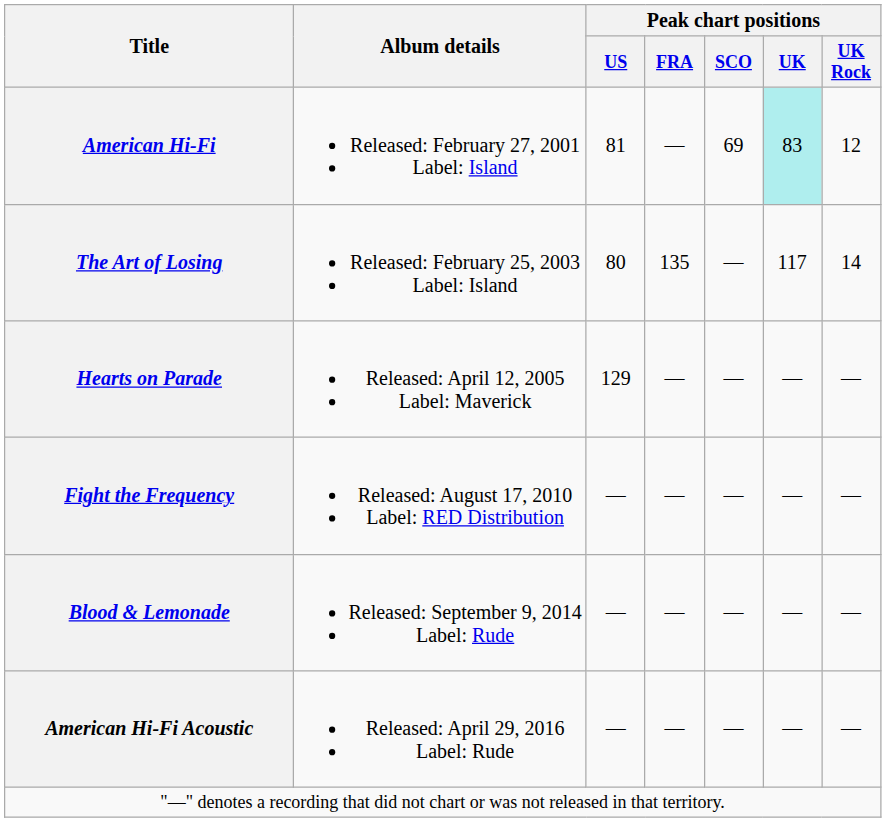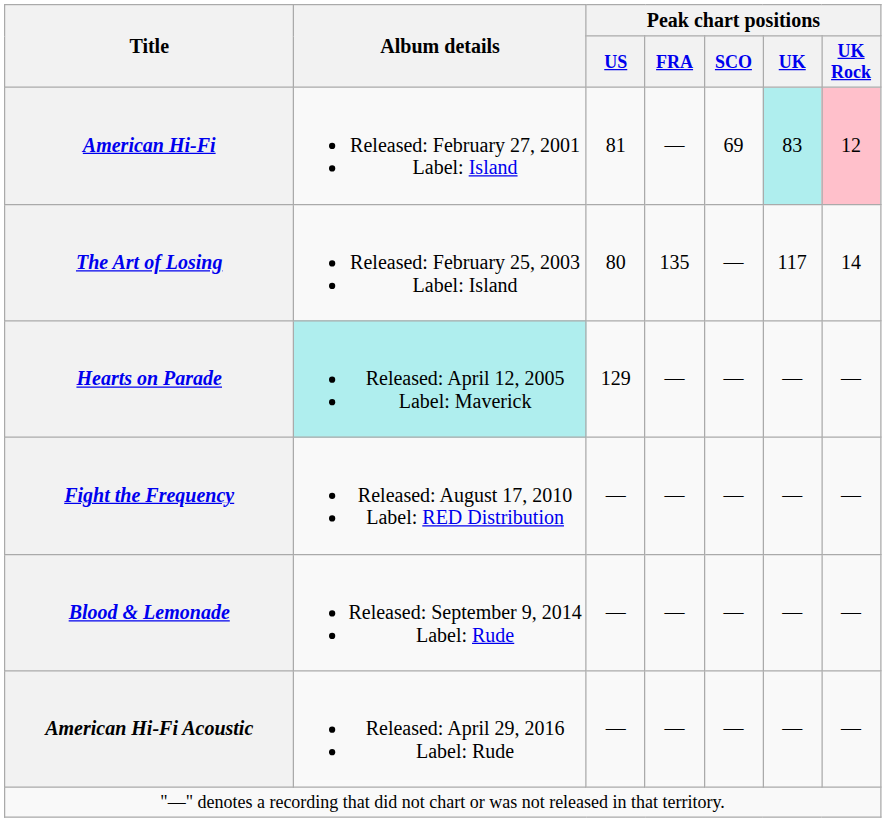 <table class="wikitable plainrowheaders" style="text-align:center;">
 <tr>
 <th scope="col" rowspan="2" style="width:14em;">Title</th>
 <th scope="col" rowspan="2">Album details</th>
 <th scope="col" colspan="5">Peak chart positions</th>
 </tr>
 <tr>
 <th scope="col" style="width:2.8em;font-size:90%;"><a href='#'>US</a><br></th>
 <th scope="col" style="width:2.8em;font-size:90%;"><a href='#'>FRA</a><br></th>
 <th scope="col" style="width:2.8em;font-size:90%;"><a href='#'>SCO</a><br></th>
 <th scope="col" style="width:2.8em;font-size:90%;"><a href='#'>UK</a><br></th>
 <th scope="col" style="width:2.8em;font-size:90%;"><a href='#'>UK<br>Rock</a><br></th>
 </tr>
 <tr>
 <th scope="row"><em><a href='#'>American Hi-Fi</a></em></th>
 <td><br><ul><li>Released: February 27, 2001</li><li>Label: <a href='#'>Island</a></li></ul></td>
 <td>81</td>
 <td>—</td>
 <td>69</td>
 <td style="background: paleturquoise;">83</td>
-<td>12</td>
+<td style="background: pink;">12</td>
 </tr>
 <tr>
 <th scope="row"><em><a href='#'>The Art of Losing</a></em></th>
 <td><br><ul><li>Released: February 25, 2003</li><li>Label: Island</li></ul></td>
 <td>80</td>
 <td>135</td>
 <td>—</td>
 <td>117</td>
 <td>14</td>
 </tr>
 <tr>
 <th scope="row"><em><a href='#'>Hearts on Parade</a></em></th>
-<td><br><ul><li>Released: April 12, 2005</li><li>Label: Maverick</li></ul></td>
+<td style="background: paleturquoise;"><br><ul><li>Released: April 12, 2005</li><li>Label: Maverick</li></ul></td>
 <td>129</td>
 <td>—</td>
 <td>—</td>
 <td>—</td>
 <td>—</td>
 </tr>
 <tr>
 <th scope="row"><em><a href='#'>Fight the Frequency</a></em></th>
 <td><br><ul><li>Released: August 17, 2010</li><li>Label: <a href='#'>RED Distribution</a></li></ul></td>
 <td>—</td>
 <td>—</td>
 <td>—</td>
 <td>—</td>
 <td>—</td>
 </tr>
 <tr>
 <th scope="row"><em><a href='#'>Blood & Lemonade</a></em></th>
 <td><br><ul><li>Released: September 9, 2014</li><li>Label: <a href='#'>Rude</a></li></ul></td>
 <td>—</td>
 <td>—</td>
 <td>—</td>
 <td>—</td>
 <td>—</td>
 </tr>
 <tr>
 <th scope="row"><em>American Hi-Fi Acoustic</em></th>
 <td><br><ul><li>Released: April 29, 2016</li><li>Label: Rude</li></ul></td>
 <td>—</td>
 <td>—</td>
 <td>—</td>
 <td>—</td>
 <td>—</td>
 </tr>
 <tr>
 <td colspan="14" style="font-size:90%">"—" denotes a recording that did not chart or was not released in that territory.</td>
 </tr>
 </table>
